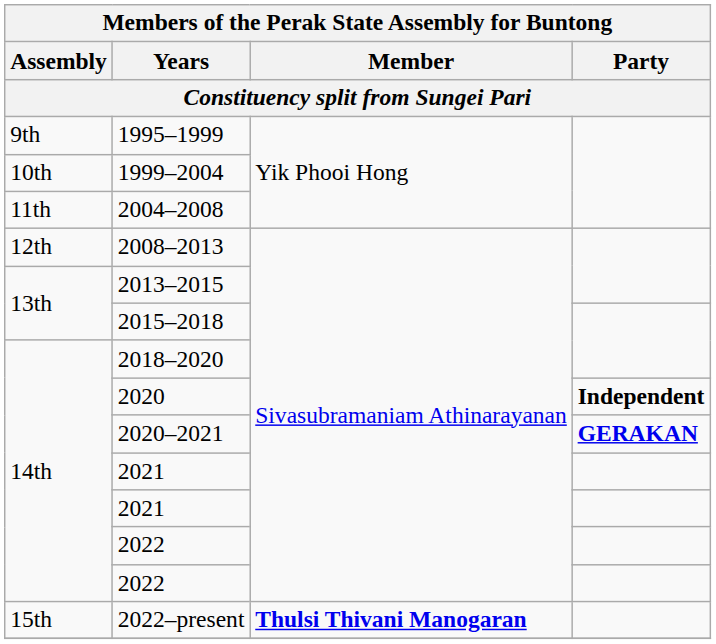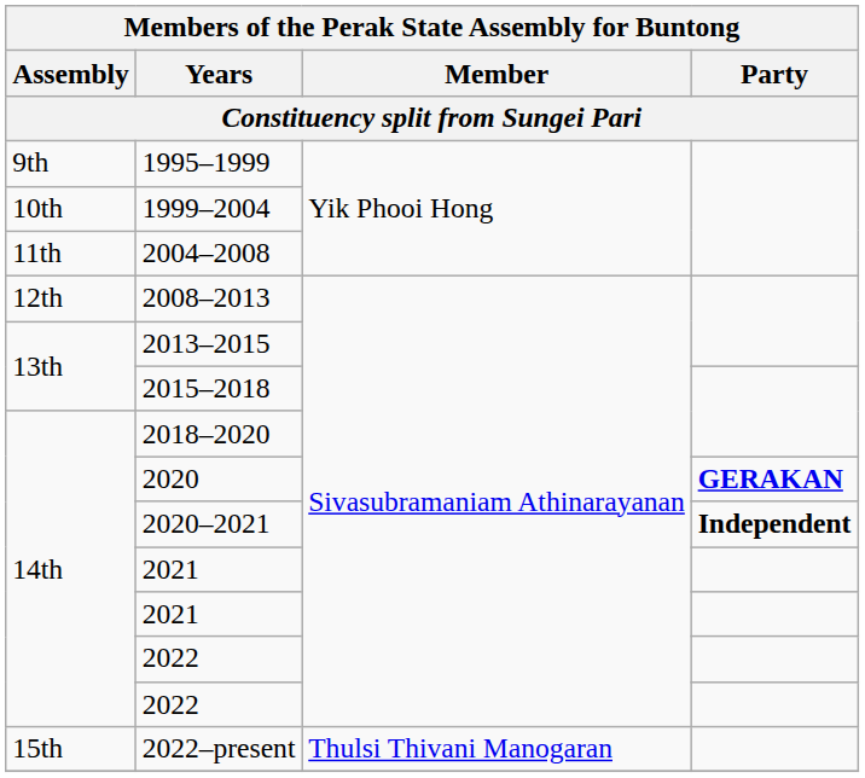 <table class="wikitable">
 <tr>
 <th colspan=4>Members of the Perak State Assembly for Buntong</th>
 </tr>
 <tr>
 <th>Assembly</th>
 <th>Years</th>
 <th>Member</th>
 <th>Party</th>
 </tr>
 <tr>
 <th colspan="4"><em>Constituency split from Sungei Pari</em></th>
 </tr>
 <tr>
 <td>9th</td>
 <td>1995–1999</td>
 <td rowspan="3">Yik Phooi Hong</td>
 <td rowspan="3"></td>
 </tr>
 <tr>
 <td>10th</td>
 <td>1999–2004</td>
 </tr>
 <tr>
 <td>11th</td>
 <td>2004–2008</td>
 </tr>
 <tr>
 <td>12th</td>
 <td>2008–2013</td>
 <td rowspan="10"><a href='#'>Sivasubramaniam Athinarayanan</a></td>
 <td rowspan="2"></td>
 </tr>
 <tr>
 <td rowspan="2">13th</td>
 <td>2013–2015</td>
 </tr>
 <tr>
 <td>2015–2018</td>
 <td rowspan="2"></td>
 </tr>
 <tr>
 <td rowspan="7">14th</td>
 <td>2018–2020</td>
 </tr>
 <tr>
 <td>2020</td>
-<td><strong>Independent</strong></td>
+<td><strong><a href='#'>GERAKAN</a></strong></td>
 </tr>
 <tr>
 <td>2020–2021</td>
-<td><strong><a href='#'>GERAKAN</a></strong></td>
+<td><strong>Independent</strong></td>
 </tr>
 <tr>
 <td>2021</td>
 <td></td>
 </tr>
 <tr>
 <td>2021</td>
 <td></td>
 </tr>
 <tr>
 <td>2022</td>
 <td></td>
 </tr>
 <tr>
 <td>2022</td>
 <td></td>
 </tr>
 <tr>
 <td rowspan="1">15th</td>
 <td>2022–present</td>
-<td><strong><a href='#'>Thulsi Thivani Manogaran</a></strong></td>
+<td><a href='#'>Thulsi Thivani Manogaran</a></td>
 <td></td>
 </tr>
 <tr>
 </tr>
 </table>
